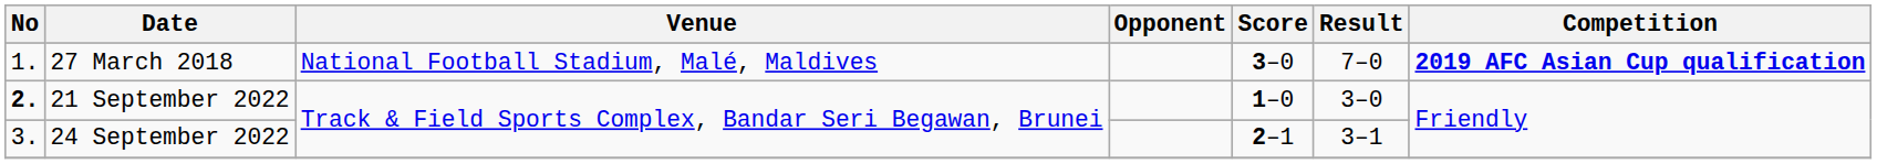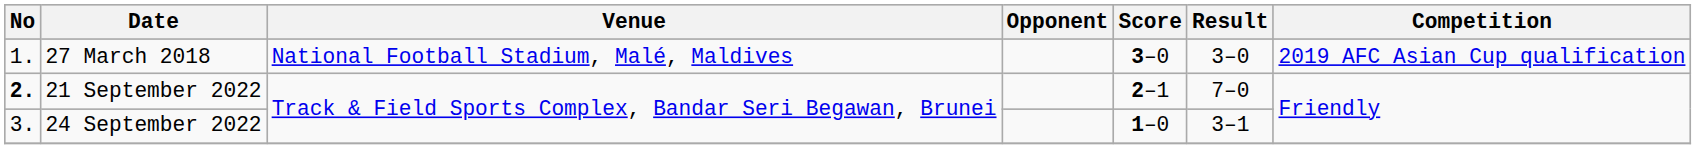 <table class="wikitable" style="font-size:100%;">
 <tr>
 <th>No</th>
 <th>Date</th>
 <th>Venue</th>
 <th>Opponent</th>
 <th>Score</th>
 <th>Result</th>
 <th>Competition</th>
 </tr>
 <tr>
 <td>1.</td>
 <td>27 March 2018</td>
 <td><a href='#'>National Football Stadium</a>, <a href='#'>Malé</a>, <a href='#'>Maldives</a></td>
 <td></td>
 <td align=center><strong>3</strong>–0</td>
-<td align=center>7–0</td>
-<td><strong><a href='#'>2019 AFC Asian Cup qualification</a></strong></td>
+<td align=center>3–0</td>
+<td><a href='#'>2019 AFC Asian Cup qualification</a></td>
 </tr>
 <tr>
 <td><strong>2.</strong></td>
 <td>21 September 2022</td>
 <td rowspan=2><a href='#'>Track & Field Sports Complex</a>, <a href='#'>Bandar Seri Begawan</a>, <a href='#'>Brunei</a></td>
 <td></td>
-<td align=center><strong>1</strong>–0</td>
-<td align=center>3–0</td>
+<td align=center><strong>2</strong>–1</td>
+<td align=center>7–0</td>
 <td rowspan=2><a href='#'>Friendly</a></td>
 </tr>
 <tr>
 <td>3.</td>
 <td>24 September 2022</td>
 <td></td>
-<td align=center><strong>2</strong>–1</td>
+<td align=center><strong>1</strong>–0</td>
 <td align=center>3–1</td>
 </tr>
 <tr>
 </tr>
 </table>
